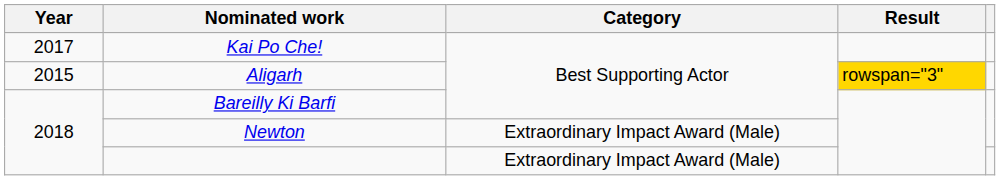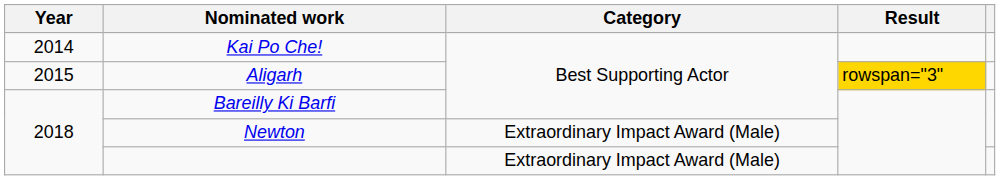 <table class="wikitable plainrowheaders sortable" width="70%">
 <tr>
 <th width="10%">Year</th>
 <th width="35%">Nominated work</th>
 <th width="40%">Category</th>
 <th width="15%">Result</th>
 <th scope="col" class="unsortable"></th>
 </tr>
 <tr>
-<td align="center">2017</td>
+<td align="center">2014</td>
 <td align="center"><em><a href='#'>Kai Po Che!</a></em></td>
 <td rowspan="3" align="center">Best Supporting Actor</td>
 <td></td>
 <td style="text-align:center;"></td>
 </tr>
 <tr>
 <td align="center">2015</td>
 <td align="center"><em><a href='#'>Aligarh</a></em></td>
 <td style="background: gold;">rowspan="3" </td>
 <td style="text-align:center;"></td>
 </tr>
 <tr>
 <td rowspan="3" align="center">2018</td>
 <td align="center"><em><a href='#'>Bareilly Ki Barfi</a></em></td>
 <td rowspan="3" style="text-align:center;"></td>
 </tr>
 <tr>
 <td align="center"><em><a href='#'>Newton</a></em></td>
 <td align="center">Extraordinary Impact Award (Male)</td>
 </tr>
 <tr>
 <td></td>
 <td align="center">Extraordinary Impact Award (Male)</td>
 <td></td>
 </tr>
 </table>
